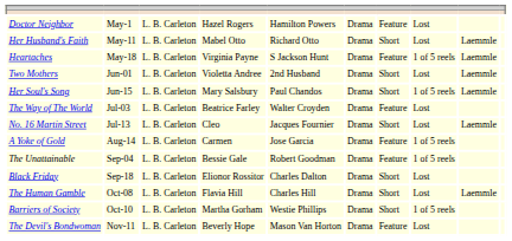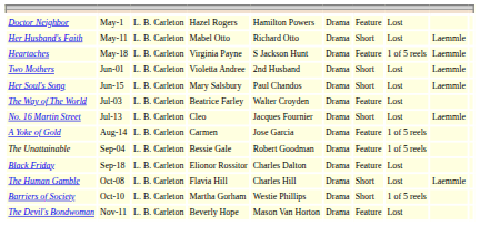 <table class="wikitable mw-collapsible mw-collapsed" style="background:lightyellow; border:2px solid gray;font-size:80%; ">
 <tr>
 <th colspan="18" style="border:1px solid #808080;background: lightgrey;"></th>
 </tr>
 <tr>
 <th style="border: 0px solid #FFFAF5; background:#F2E0CE"></th>
 <th style="border:0px solid #FFFAF5; background:#F2E0CE"></th>
 <th style="border:0px solid #FFFAF5; background:#F2E0CE"></th>
 <th style="border:0px solid #FFFAF5; background:#F2E0CE"></th>
 <th style="border:0px solid #FFFAF5; background:#F2E0CE"></th>
 <th style="border:0px solid #FFFAF5; background:#F2E0CE"></th>
 <th style="border:0px solid #FFFAF5; background:#F2E0CE"></th>
 <th style="border:0px solid #FFFAF5; background:#F2E0CE"></th>
 <th style="border:0px solid #FFFAF5; background:#F2E0CE"></th>
 <th style="border:0px solid #FFFAF5; background:#F2E0CE"></th>
 </tr>
 <tr>
 <td style="border:3px solid #FFFFFF"><em><a href='#'>Doctor Neighbor</a></em></td>
 <td style="border:3px solid #FFFFFF">May-1</td>
 <td style="border:3px solid #FFFFFF">L. B. Carleton</td>
 <td style="border:3px solid #FFFFFF">Hazel Rogers</td>
 <td style="border:3px solid #FFFFFF">Hamilton Powers</td>
 <td style="border:3px solid #FFFFFF">Drama</td>
 <td style="border:3px solid #FFFFFF">Feature</td>
 <td style="border:3px solid #FFFFFF">Lost</td>
 <td style="border:3px solid #FFFFFF"></td>
 <td style="border:3px solid #FFFFFF"></td>
 </tr>
 <tr>
 <td style="border:3px solid #FFFFFF"><em><a href='#'>Her Husband's Faith</a></em></td>
 <td style="border:3px solid #FFFFFF">May-11</td>
 <td style="border:3px solid #FFFFFF">L. B. Carleton</td>
 <td style="border:3px solid #FFFFFF">Mabel Otto</td>
 <td style="border:3px solid #FFFFFF">Richard Otto</td>
 <td style="border:3px solid #FFFFFF">Drama</td>
 <td style="border:3px solid #FFFFFF">Short</td>
 <td style="border:3px solid #FFFFFF">Lost</td>
 <td style="border:3px solid #FFFFFF">Laemmle</td>
 <td style="border:3px solid #FFFFFF"></td>
 </tr>
 <tr>
 <td style="border:3px solid #FFFFFF"><em><a href='#'>Heartaches</a> </em></td>
 <td style="border:3px solid #FFFFFF">May-18</td>
 <td style="border:3px solid #FFFFFF">L. B. Carleton</td>
 <td style="border:3px solid #FFFFFF">Virginia Payne</td>
 <td style="border:3px solid #FFFFFF">S Jackson Hunt</td>
 <td style="border:3px solid #FFFFFF">Drama</td>
 <td style="border:3px solid #FFFFFF">Feature</td>
 <td style="border:3px solid #FFFFFF">1 of 5 reels</td>
 <td style="border:3px solid #FFFFFF">Laemmle</td>
 <td style="border:3px solid #FFFFFF"></td>
 </tr>
 <tr>
 <td style="border:3px solid #FFFFFF"><em><a href='#'>Two Mothers</a></em></td>
 <td style="border:3px solid #FFFFFF">Jun-01</td>
 <td style="border:3px solid #FFFFFF">L. B. Carleton</td>
 <td style="border:3px solid #FFFFFF">Violetta Andree</td>
 <td style="border:3px solid #FFFFFF">2nd Husband</td>
 <td style="border:3px solid #FFFFFF">Drama</td>
 <td style="border:3px solid #FFFFFF">Short</td>
 <td style="border:3px solid #FFFFFF">Lost</td>
 <td style="border:3px solid #FFFFFF">Laemmle</td>
 <td style="border:3px solid #FFFFFF"></td>
 </tr>
 <tr>
 <td style="border:3px solid #FFFFFF"><em><a href='#'>Her Soul's Song</a></em></td>
 <td style="border:3px solid #FFFFFF">Jun-15</td>
 <td style="border:3px solid #FFFFFF">L. B. Carleton</td>
 <td style="border:3px solid #FFFFFF">Mary Salsbury</td>
 <td style="border:3px solid #FFFFFF">Paul Chandos</td>
 <td style="border:3px solid #FFFFFF">Drama</td>
 <td style="border:3px solid #FFFFFF">Short</td>
-<td style="border:3px solid #FFFFFF">1 of 5 reels</td>
+<td style="border:3px solid #FFFFFF">Lost</td>
 <td style="border:3px solid #FFFFFF">Laemmle</td>
 <td style="border:3px solid #FFFFFF"></td>
 </tr>
 <tr>
 <td style="border:3px solid #FFFFFF"><em><a href='#'>The Way of The World</a></em></td>
 <td style="border:3px solid #FFFFFF">Jul-03</td>
 <td style="border:3px solid #FFFFFF">L. B. Carleton</td>
 <td style="border:3px solid #FFFFFF">Beatrice Farley</td>
 <td style="border:3px solid #FFFFFF">Walter Croyden</td>
 <td style="border:3px solid #FFFFFF">Drama</td>
 <td style="border:3px solid #FFFFFF">Feature</td>
 <td style="border:3px solid #FFFFFF">Lost</td>
 <td style="border:3px solid #FFFFFF"></td>
 <td style="border:3px solid #FFFFFF"></td>
 </tr>
 <tr>
 <td style="border:3px solid #FFFFFF"><em><a href='#'>No. 16 Martin Street</a></em></td>
 <td style="border:3px solid #FFFFFF">Jul-13</td>
 <td style="border:3px solid #FFFFFF">L. B. Carleton</td>
 <td style="border:3px solid #FFFFFF">Cleo</td>
 <td style="border:3px solid #FFFFFF">Jacques Fournier</td>
 <td style="border:3px solid #FFFFFF">Drama</td>
 <td style="border:3px solid #FFFFFF">Short</td>
 <td style="border:3px solid #FFFFFF">Lost</td>
 <td style="border:3px solid #FFFFFF">Laemmle</td>
 <td style="border:3px solid #FFFFFF"></td>
 </tr>
 <tr>
 <td style="border:3px solid #FFFFFF"><em><a href='#'>A Yoke of Gold</a></em></td>
 <td style="border:3px solid #FFFFFF">Aug-14</td>
 <td style="border:3px solid #FFFFFF">L. B. Carleton</td>
 <td style="border:3px solid #FFFFFF">Carmen</td>
 <td style="border:3px solid #FFFFFF">Jose Garcia</td>
 <td style="border:3px solid #FFFFFF">Drama</td>
 <td style="border:3px solid #FFFFFF">Feature</td>
 <td style="border:3px solid #FFFFFF">1 of 5 reels</td>
 <td style="border:3px solid #FFFFFF"></td>
 <td style="border:3px solid #FFFFFF"></td>
 </tr>
 <tr>
 <td style="border:3px solid #FFFFFF"><em>The Unattainable</em></td>
 <td style="border:3px solid #FFFFFF">Sep-04</td>
 <td style="border:3px solid #FFFFFF">L. B. Carleton</td>
 <td style="border:3px solid #FFFFFF">Bessie Gale</td>
 <td style="border:3px solid #FFFFFF">Robert Goodman</td>
 <td style="border:3px solid #FFFFFF">Drama</td>
 <td style="border:3px solid #FFFFFF">Feature</td>
 <td style="border:3px solid #FFFFFF">1 of 5 reels</td>
 <td style="border:3px solid #FFFFFF"></td>
 <td style="border:3px solid #FFFFFF"></td>
 </tr>
 <tr>
 <td style="border:3px solid #FFFFFF"><em><a href='#'>Black Friday</a></em></td>
 <td style="border:3px solid #FFFFFF">Sep-18</td>
 <td style="border:3px solid #FFFFFF">L. B. Carleton</td>
 <td style="border:3px solid #FFFFFF">Elionor Rossitor</td>
 <td style="border:3px solid #FFFFFF">Charles Dalton</td>
 <td style="border:3px solid #FFFFFF">Drama</td>
-<td style="border:3px solid #FFFFFF">Short</td>
+<td style="border:3px solid #FFFFFF">Feature</td>
 <td style="border:3px solid #FFFFFF">Lost</td>
 <td style="border:3px solid #FFFFFF"></td>
 <td style="border:3px solid #FFFFFF"></td>
 </tr>
 <tr>
 <td style="border:3px solid #FFFFFF"><em><a href='#'>The Human Gamble</a></em></td>
 <td style="border:3px solid #FFFFFF">Oct-08</td>
 <td style="border:3px solid #FFFFFF">L. B. Carleton</td>
 <td style="border:3px solid #FFFFFF">Flavia Hill</td>
 <td style="border:3px solid #FFFFFF">Charles Hill</td>
 <td style="border:3px solid #FFFFFF">Drama</td>
 <td style="border:3px solid #FFFFFF">Short</td>
 <td style="border:3px solid #FFFFFF">Lost</td>
 <td style="border:3px solid #FFFFFF">Laemmle</td>
 <td style="border:3px solid #FFFFFF"></td>
 </tr>
 <tr>
 <td style="border:3px solid #FFFFFF"><em><a href='#'>Barriers of Society</a></em></td>
 <td style="border:3px solid #FFFFFF">Oct-10</td>
 <td style="border:3px solid #FFFFFF">L. B. Carleton</td>
 <td style="border:3px solid #FFFFFF">Martha Gorham</td>
 <td style="border:3px solid #FFFFFF">Westie Phillips</td>
 <td style="border:3px solid #FFFFFF">Drama</td>
 <td style="border:3px solid #FFFFFF">Short</td>
 <td style="border:3px solid #FFFFFF">1 of 5 reels</td>
 <td style="border:3px solid #FFFFFF"></td>
 <td style="border:3px solid #FFFFFF"></td>
 </tr>
 <tr>
 <td style="border:3px solid #FFFFFF"><em><a href='#'>The Devil's Bondwoman</a></em></td>
 <td style="border:3px solid #FFFFFF">Nov-11</td>
 <td style="border:3px solid #FFFFFF">L. B. Carleton</td>
 <td style="border:3px solid #FFFFFF">Beverly Hope</td>
 <td style="border:3px solid #FFFFFF">Mason Van Horton</td>
 <td style="border:3px solid #FFFFFF">Drama</td>
 <td style="border:3px solid #FFFFFF">Feature</td>
 <td style="border:3px solid #FFFFFF">Lost</td>
 <td style="border:3px solid #FFFFFF"></td>
 <td style="border:3px solid #FFFFFF"></td>
 </tr>
 </table>
